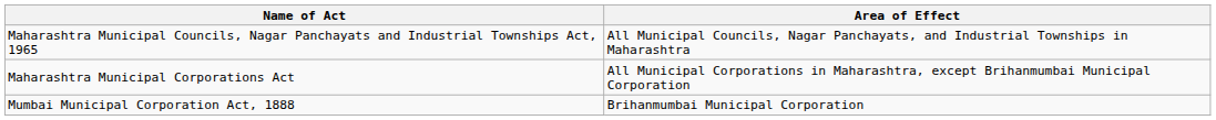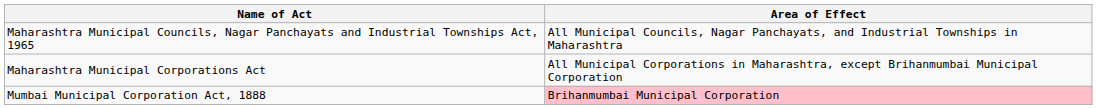 <table class="wikitable">
 <tr>
 <th>Name of Act</th>
 <th>Area of Effect</th>
 </tr>
 <tr>
 <td>Maharashtra Municipal Councils, Nagar Panchayats and Industrial Townships Act, 1965</td>
 <td>All Municipal Councils, Nagar Panchayats, and Industrial Townships in Maharashtra</td>
 </tr>
 <tr>
 <td>Maharashtra Municipal Corporations Act</td>
 <td>All Municipal Corporations in Maharashtra, except Brihanmumbai Municipal Corporation</td>
 </tr>
 <tr>
 <td>Mumbai Municipal Corporation Act, 1888</td>
-<td>Brihanmumbai Municipal Corporation</td>
+<td style="background: pink;">Brihanmumbai Municipal Corporation</td>
 </tr>
 </table>
